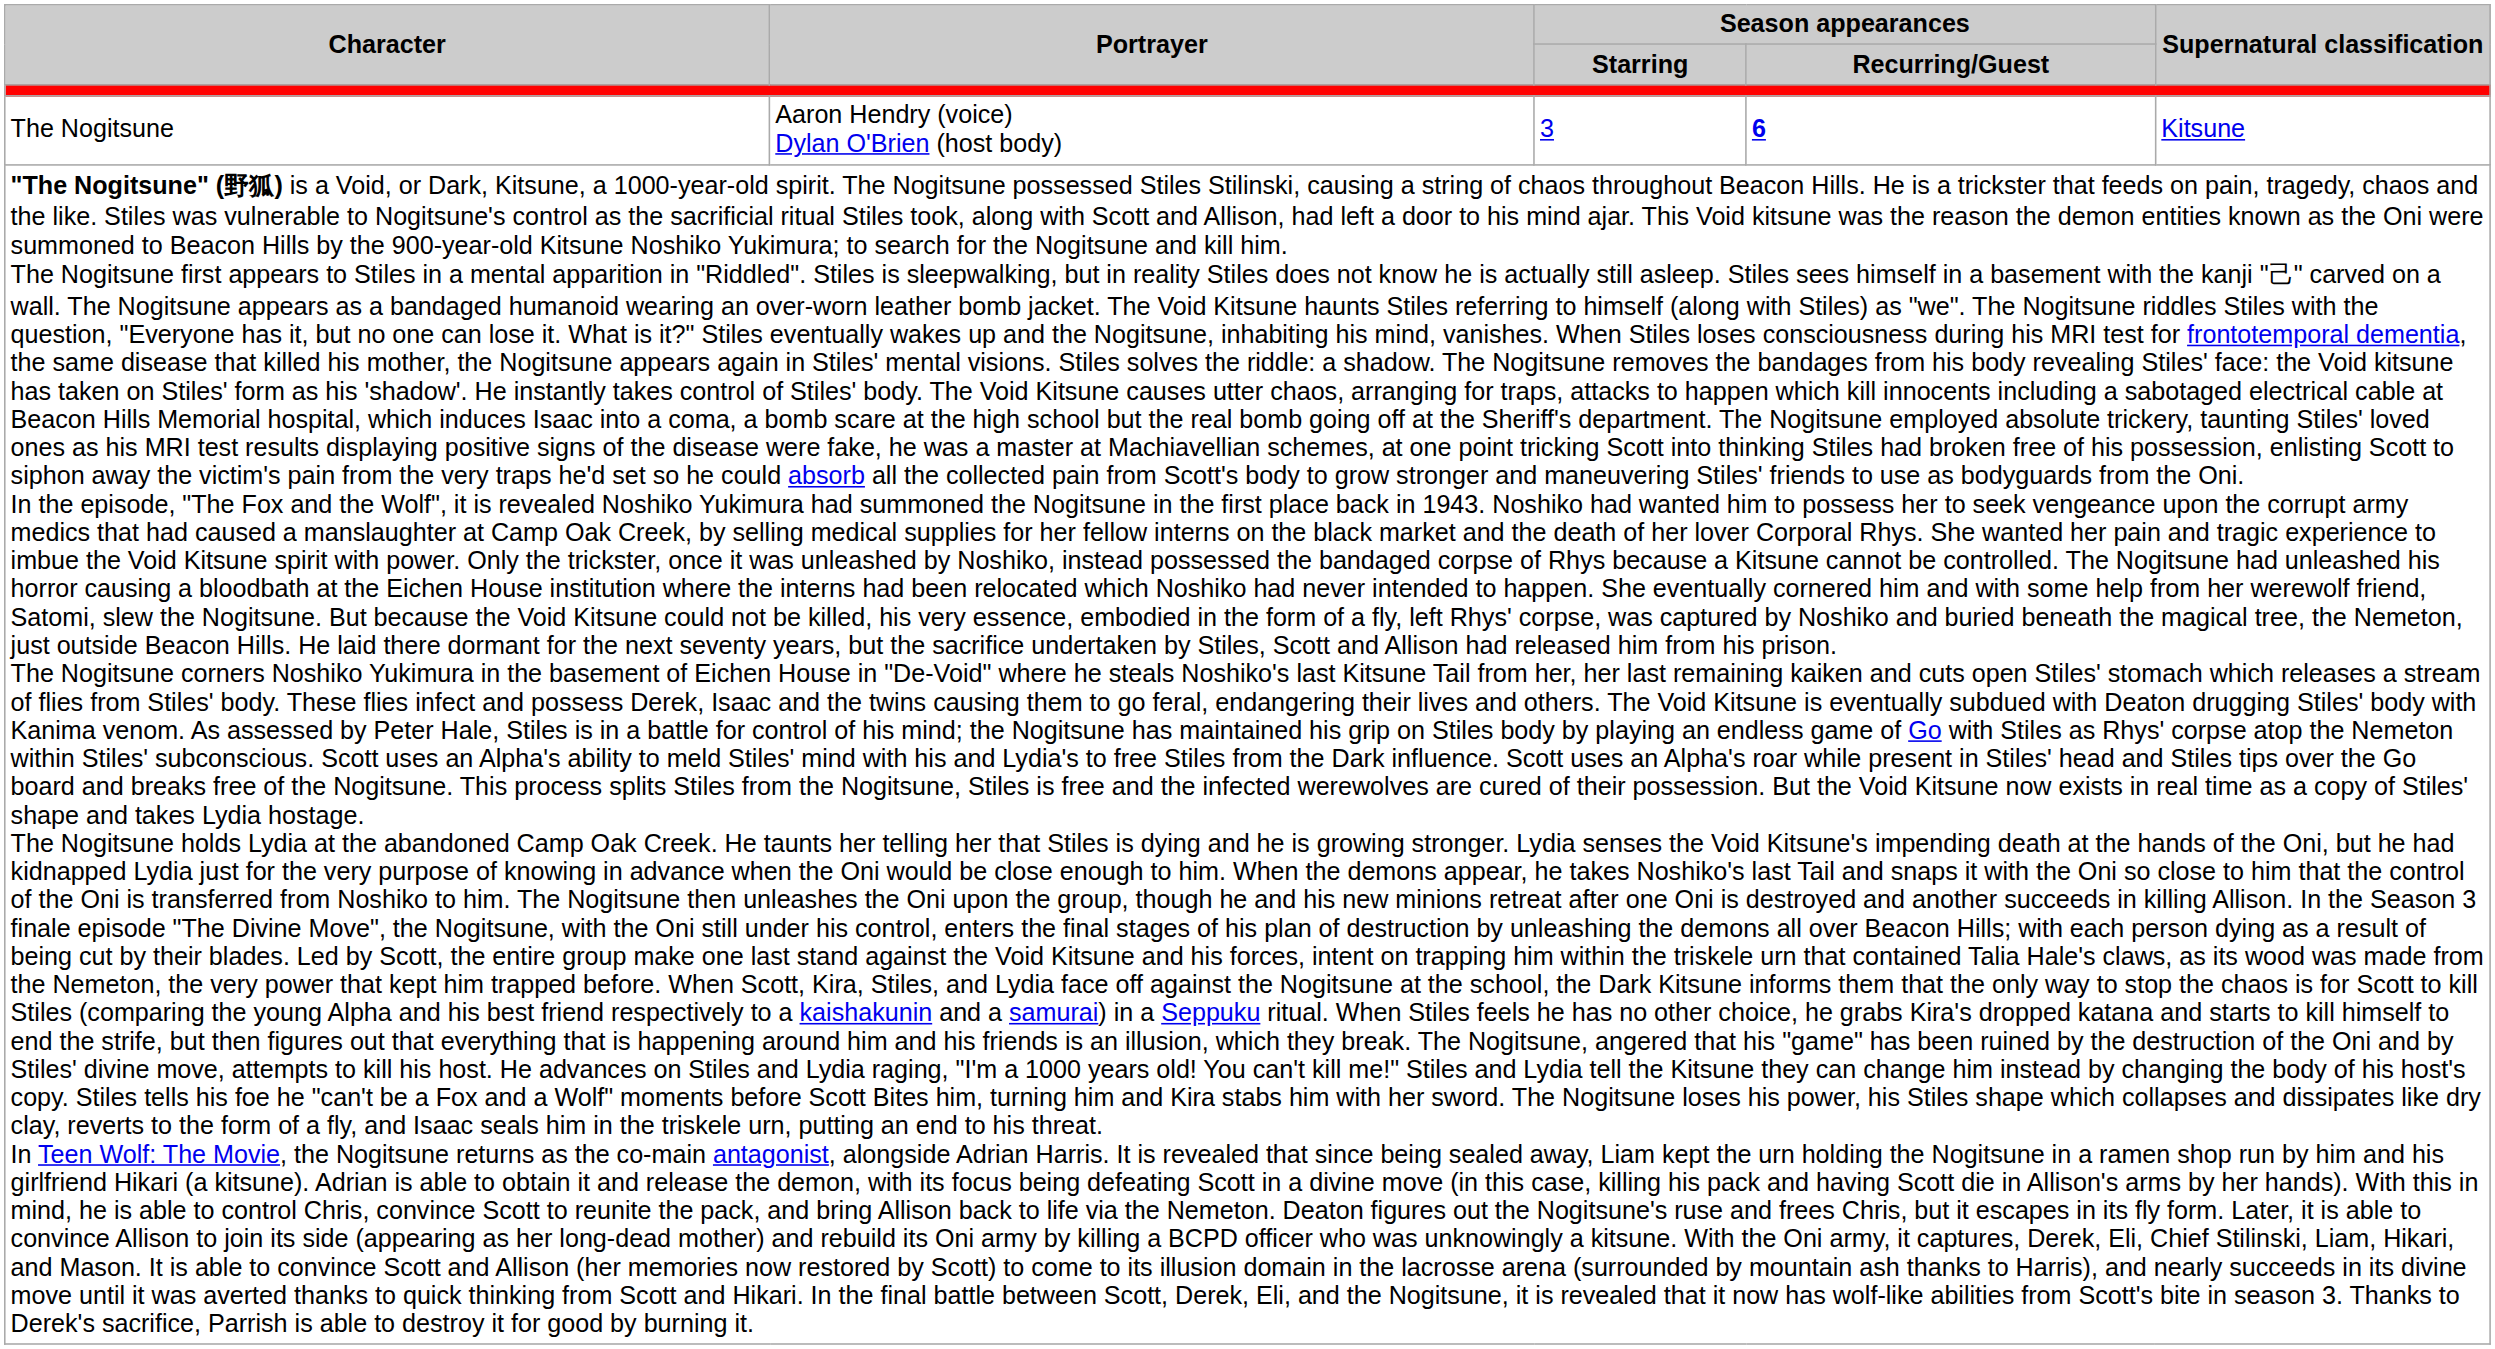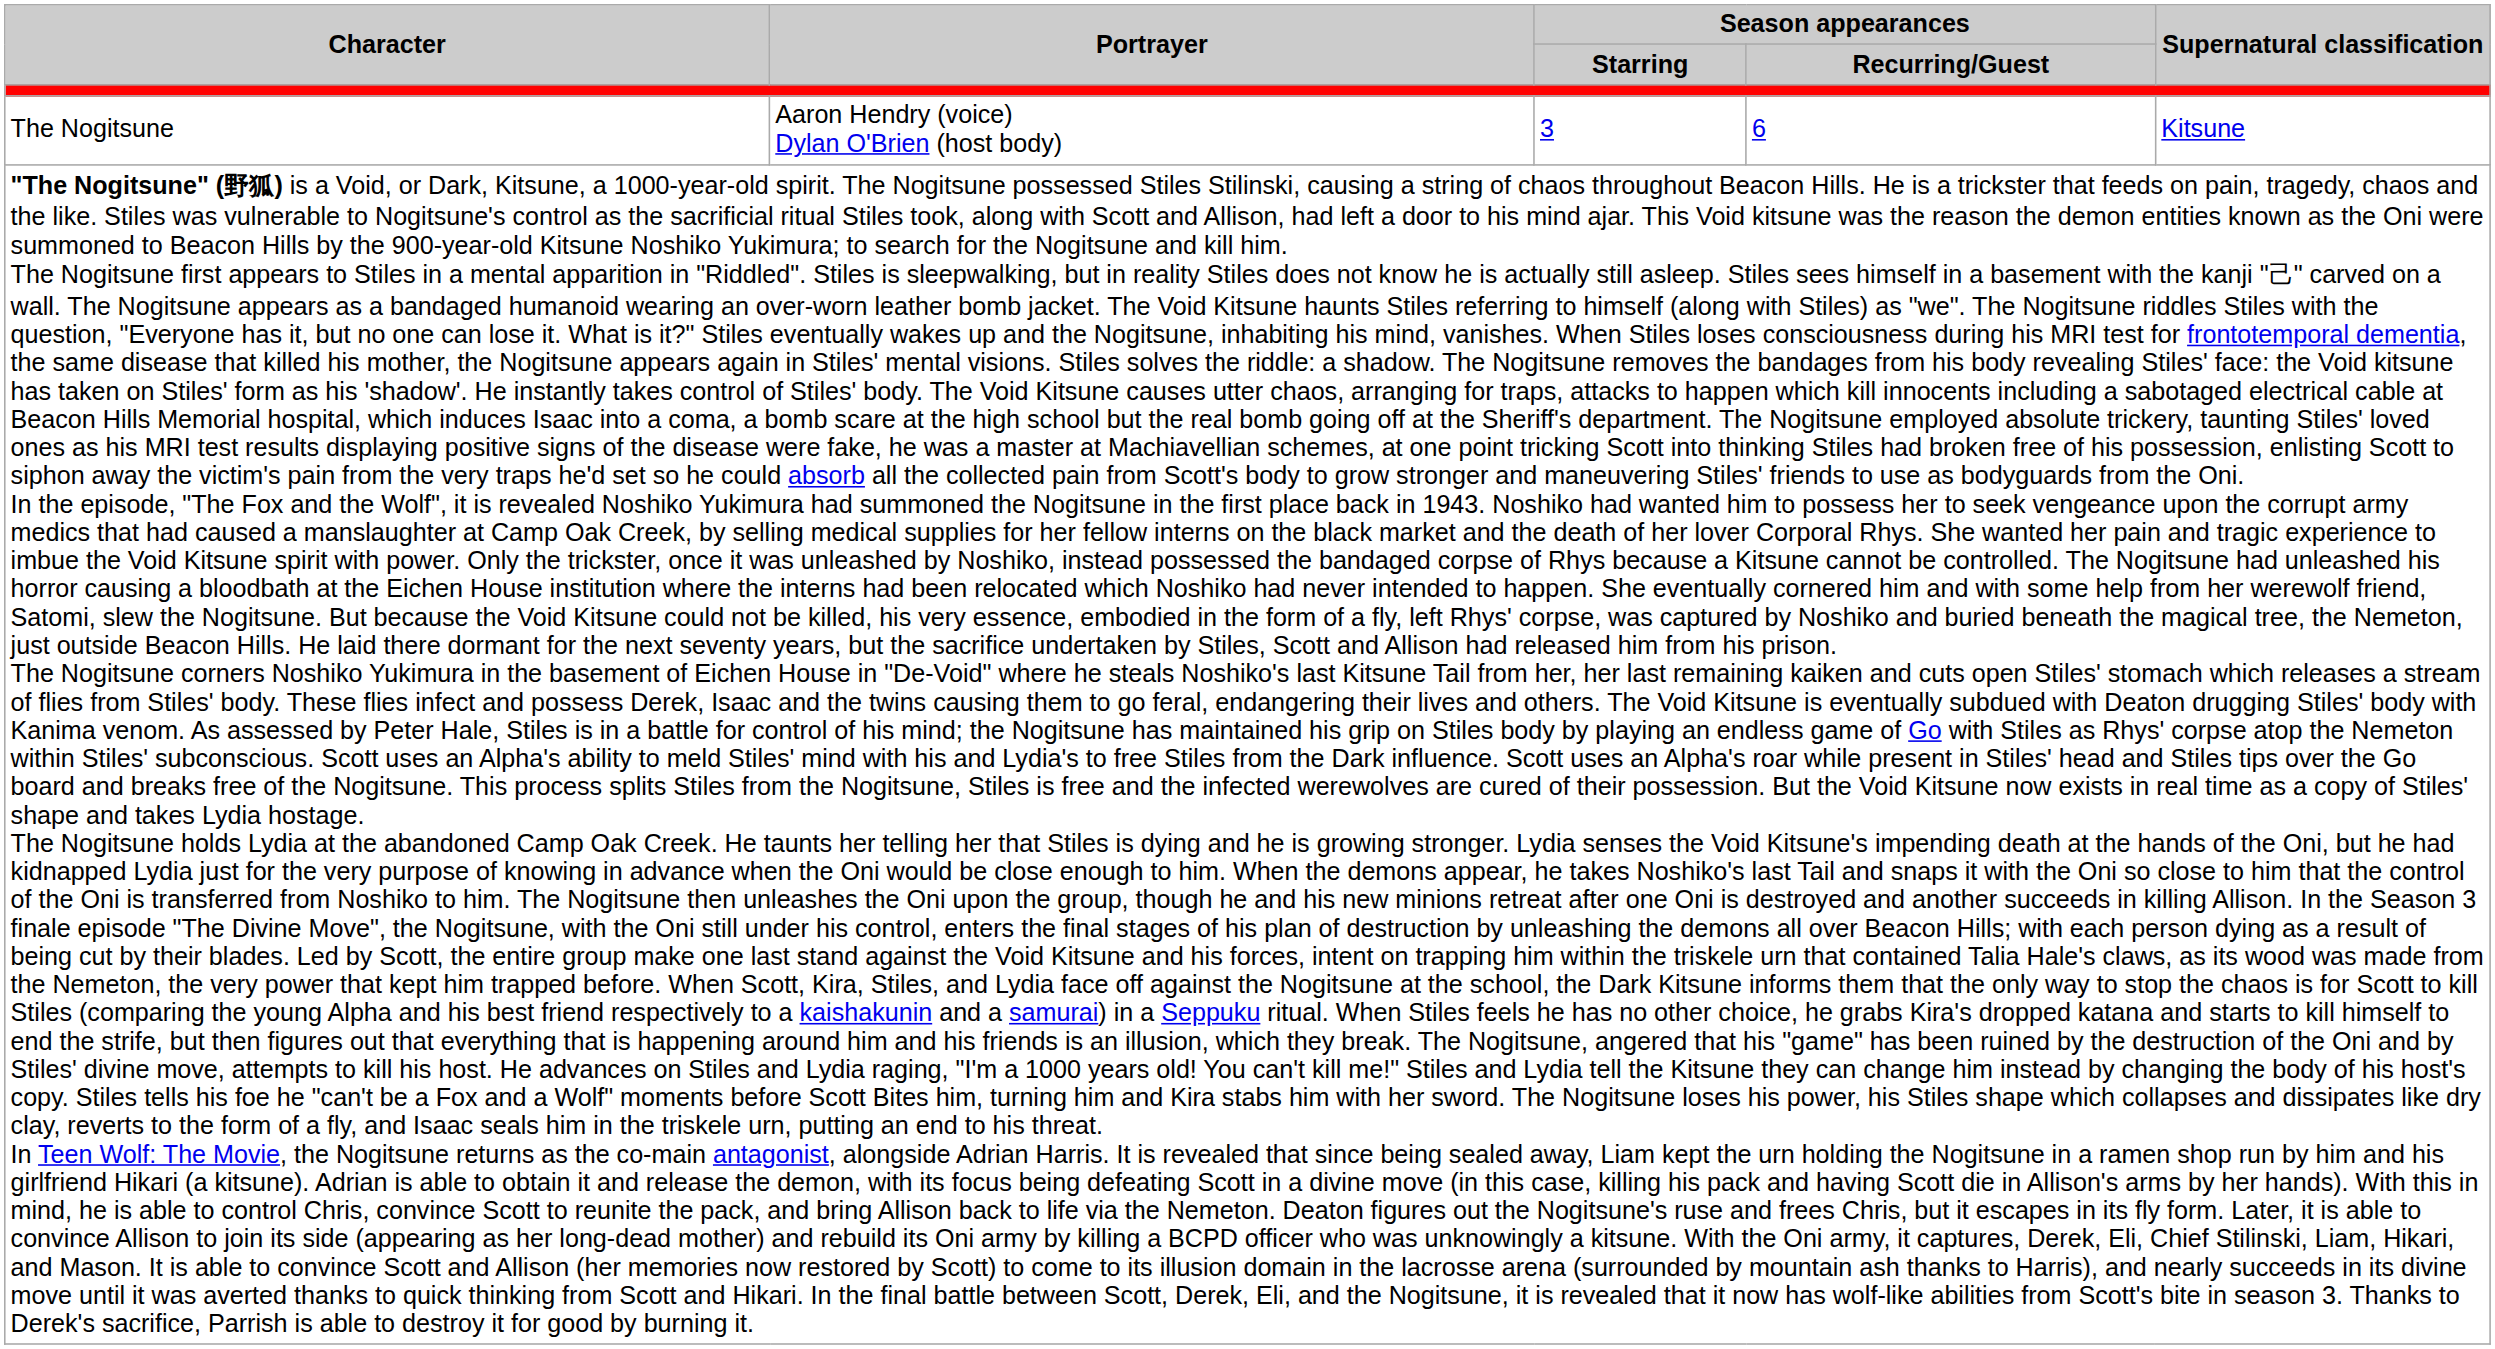 <table class="wikitable sortable" style="width:100%; margin-right:auto; background:#fff;">
 <tr style="color:black">
 <th rowspan="2" style="background:#ccc; width:16%;">Character</th>
 <th rowspan="2" style="background:#ccc; width:16%;">Portrayer</th>
 <th colspan="2" style="background:#ccc; width:13%;">Season appearances</th>
 <th rowspan="2" style="background:#ccc; width:7%;">Supernatural classification</th>
 </tr>
 <tr>
 <th style="background:#ccc;">Starring</th>
 <th style="background:#ccc;">Recurring/Guest</th>
 </tr>
 <tr>
 <td colspan="5" style="background:red;"></td>
 </tr>
 <tr>
 <td id="Nogitsune">The Nogitsune</td>
 <td>Aaron Hendry (voice)<br><a href='#'>Dylan O'Brien</a> (host body)</td>
 <td><a href='#'>3</a></td>
-<td><strong><a href='#'>6</a></strong></td>
+<td><a href='#'>6</a></td>
 <td><a href='#'>Kitsune</a></td>
 </tr>
 <tr>
 <td colspan="5"><strong>"The Nogitsune" (野狐)</strong> is a Void, or Dark, Kitsune, a 1000-year-old spirit. The Nogitsune possessed Stiles Stilinski, causing a string of chaos throughout Beacon Hills. He is a trickster that feeds on pain, tragedy, chaos and the like. Stiles was vulnerable to Nogitsune's control as the sacrificial ritual Stiles took, along with Scott and Allison, had left a door to his mind ajar. This Void kitsune was the reason the demon entities known as the Oni were summoned to Beacon Hills by the 900-year-old Kitsune Noshiko Yukimura; to search for the Nogitsune and kill him.<br>The Nogitsune first appears to Stiles in a mental apparition in "Riddled". Stiles is sleepwalking, but in reality Stiles does not know he is actually still asleep. Stiles sees himself in a basement with the kanji "己" carved on a wall. The Nogitsune appears as a bandaged humanoid wearing an over-worn leather bomb jacket. The Void Kitsune haunts Stiles referring to himself (along with Stiles) as "we". The Nogitsune riddles Stiles with the question, "Everyone has it, but no one can lose it. What is it?" Stiles eventually wakes up and the Nogitsune, inhabiting his mind, vanishes. When Stiles loses consciousness during his MRI test for <a href='#'>frontotemporal dementia</a>, the same disease that killed his mother, the Nogitsune appears again in Stiles' mental visions. Stiles solves the riddle: a shadow. The Nogitsune removes the bandages from his body revealing Stiles' face: the Void kitsune has taken on Stiles' form as his 'shadow'. He instantly takes control of Stiles' body. The Void Kitsune causes utter chaos, arranging for traps, attacks to happen which kill innocents including a sabotaged electrical cable at Beacon Hills Memorial hospital, which induces Isaac into a coma, a bomb scare at the high school but the real bomb going off at the Sheriff's department. The Nogitsune employed absolute trickery, taunting Stiles' loved ones as his MRI test results displaying positive signs of the disease were fake, he was a master at Machiavellian schemes, at one point tricking Scott into thinking Stiles had broken free of his possession, enlisting Scott to siphon away the victim's pain from the very traps he'd set so he could <a href='#'>absorb</a> all the collected pain from Scott's body to grow stronger and maneuvering Stiles' friends to use as bodyguards from the Oni.<br>In the episode, "The Fox and the Wolf", it is revealed Noshiko Yukimura had summoned the Nogitsune in the first place back in 1943. Noshiko had wanted him to possess her to seek vengeance upon the corrupt army medics that had caused a manslaughter at Camp Oak Creek, by selling medical supplies for her fellow interns on the black market and the death of her lover Corporal Rhys. She wanted her pain and tragic experience to imbue the Void Kitsune spirit with power. Only the trickster, once it was unleashed by Noshiko, instead possessed the bandaged corpse of Rhys because a Kitsune cannot be controlled. The Nogitsune had unleashed his horror causing a bloodbath at the Eichen House institution where the interns had been relocated which Noshiko had never intended to happen. She eventually cornered him and with some help from her werewolf friend, Satomi, slew the Nogitsune. But because the Void Kitsune could not be killed, his very essence, embodied in the form of a fly, left Rhys' corpse, was captured by Noshiko and buried beneath the magical tree, the Nemeton, just outside Beacon Hills. He laid there dormant for the next seventy years, but the sacrifice undertaken by Stiles, Scott and Allison had released him from his prison.<br>The Nogitsune corners Noshiko Yukimura in the basement of Eichen House in "De-Void" where he steals Noshiko's last Kitsune Tail from her, her last remaining kaiken and cuts open Stiles' stomach which releases a stream of flies from Stiles' body. These flies infect and possess Derek, Isaac and the twins causing them to go feral, endangering their lives and others. The Void Kitsune is eventually subdued with Deaton drugging Stiles' body with Kanima venom. As assessed by Peter Hale, Stiles is in a battle for control of his mind; the Nogitsune has maintained his grip on Stiles body by playing an endless game of <a href='#'>Go</a> with Stiles as Rhys' corpse atop the Nemeton within Stiles' subconscious. Scott uses an Alpha's ability to meld Stiles' mind with his and Lydia's to free Stiles from the Dark influence. Scott uses an Alpha's roar while present in Stiles' head and Stiles tips over the Go board and breaks free of the Nogitsune. This process splits Stiles from the Nogitsune, Stiles is free and the infected werewolves are cured of their possession. But the Void Kitsune now exists in real time as a copy of Stiles' shape and takes Lydia hostage.<br>The Nogitsune holds Lydia at the abandoned Camp Oak Creek. He taunts her telling her that Stiles is dying and he is growing stronger. Lydia senses the Void Kitsune's impending death at the hands of the Oni, but he had kidnapped Lydia just for the very purpose of knowing in advance when the Oni would be close enough to him. When the demons appear, he takes Noshiko's last Tail and snaps it with the Oni so close to him that the control of the Oni is transferred from Noshiko to him. The Nogitsune then unleashes the Oni upon the group, though he and his new minions retreat after one Oni is destroyed and another succeeds in killing Allison. In the Season 3 finale episode "The Divine Move", the Nogitsune, with the Oni still under his control, enters the final stages of his plan of destruction by unleashing the demons all over Beacon Hills; with each person dying as a result of being cut by their blades. Led by Scott, the entire group make one last stand against the Void Kitsune and his forces, intent on trapping him within the triskele urn that contained Talia Hale's claws, as its wood was made from the Nemeton, the very power that kept him trapped before. When Scott, Kira, Stiles, and Lydia face off against the Nogitsune at the school, the Dark Kitsune informs them that the only way to stop the chaos is for Scott to kill Stiles (comparing the young Alpha and his best friend respectively to a <a href='#'>kaishakunin</a> and a <a href='#'>samurai</a>) in a <a href='#'>Seppuku</a> ritual. When Stiles feels he has no other choice, he grabs Kira's dropped katana and starts to kill himself to end the strife, but then figures out that everything that is happening around him and his friends is an illusion, which they break. The Nogitsune, angered that his "game" has been ruined by the destruction of the Oni and by Stiles' divine move, attempts to kill his host. He advances on Stiles and Lydia raging, "I'm a 1000 years old! You can't kill me!" Stiles and Lydia tell the Kitsune they can change him instead by changing the body of his host's copy. Stiles tells his foe he "can't be a Fox and a Wolf" moments before Scott Bites him, turning him and Kira stabs him with her sword. The Nogitsune loses his power, his Stiles shape which collapses and dissipates like dry clay, reverts to the form of a fly, and Isaac seals him in the triskele urn, putting an end to his threat.<br>In <a href='#'>Teen Wolf: The Movie</a>, the Nogitsune returns as the co-main <a href='#'>antagonist</a>, alongside Adrian Harris. It is revealed that since being sealed away, Liam kept the urn holding the Nogitsune in a ramen shop run by him and his girlfriend Hikari (a kitsune). Adrian is able to obtain it and release the demon, with its focus being defeating Scott in a divine move (in this case, killing his pack and having Scott die in Allison's arms by her hands). With this in mind, he is able to control Chris, convince Scott to reunite the pack, and bring Allison back to life via the Nemeton. Deaton figures out the Nogitsune's ruse and frees Chris, but it escapes in its fly form. Later, it is able to convince Allison to join its side (appearing as her long-dead mother) and rebuild its Oni army by killing a BCPD officer who was unknowingly a kitsune. With the Oni army, it captures, Derek, Eli, Chief Stilinski, Liam, Hikari, and Mason. It is able to convince Scott and Allison (her memories now restored by Scott) to come to its illusion domain in the lacrosse arena (surrounded by mountain ash thanks to Harris), and nearly succeeds in its divine move until it was averted thanks to quick thinking from Scott and Hikari. In the final battle between Scott, Derek, Eli, and the Nogitsune, it is revealed that it now has wolf-like abilities from Scott's bite in season 3. Thanks to Derek's sacrifice, Parrish is able to destroy it for good by burning it.</td>
 </tr>
 </table>
